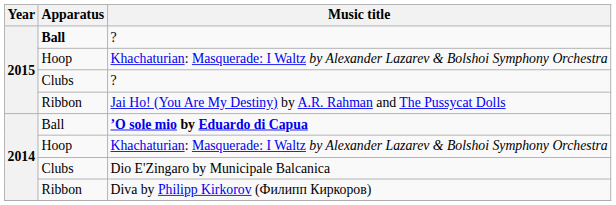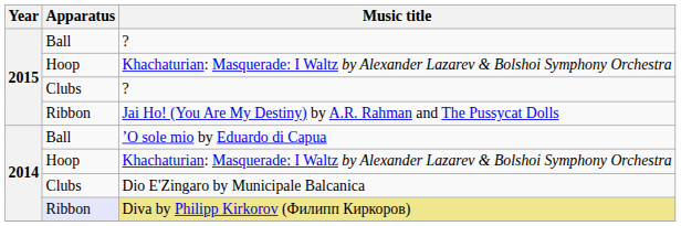 <table class="wikitable plainrowheaders">
 <tr>
 <th scope=col>Year</th>
 <th scope=col>Apparatus</th>
 <th scope=col>Music title</th>
 </tr>
 <tr>
 <th scope=row rowspan=4>2015</th>
-<td><strong>Ball</strong></td>
+<td>Ball</td>
 <td>?</td>
 </tr>
 <tr>
 <td>Hoop</td>
 <td><a href='#'>Khachaturian</a>: <a href='#'>Masquerade: I Waltz</a> <em>by Alexander Lazarev & Bolshoi Symphony Orchestra</em></td>
 </tr>
 <tr>
 <td>Clubs</td>
 <td>?</td>
 </tr>
 <tr>
 <td>Ribbon</td>
 <td><a href='#'>Jai Ho! (You Are My Destiny)</a> by <a href='#'>A.R. Rahman</a> and <a href='#'>The Pussycat Dolls</a></td>
 </tr>
 <tr>
 <th scope=row rowspan=4>2014</th>
 <td>Ball</td>
-<td><strong><a href='#'>’O sole mio</a> by <a href='#'>Eduardo di Capua</a></strong></td>
+<td><a href='#'>’O sole mio</a> by <a href='#'>Eduardo di Capua</a></td>
 </tr>
 <tr>
 <td>Hoop</td>
 <td><a href='#'>Khachaturian</a>: <a href='#'>Masquerade: I Waltz</a> <em>by Alexander Lazarev & Bolshoi Symphony Orchestra</em></td>
 </tr>
 <tr>
 <td>Clubs</td>
 <td>Dio E'Zingaro by Municipale Balcanica</td>
 </tr>
 <tr>
-<td>Ribbon</td>
-<td>Diva by <a href='#'>Philipp Kirkorov</a> (Филипп Киркоров)</td>
+<td style="background: lavender;">Ribbon</td>
+<td style="background: khaki;">Diva by <a href='#'>Philipp Kirkorov</a> (Филипп Киркоров)</td>
 </tr>
 <tr>
 </tr>
 </table>
